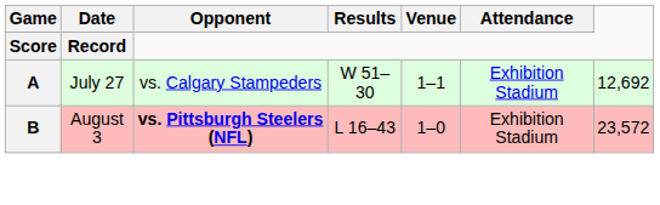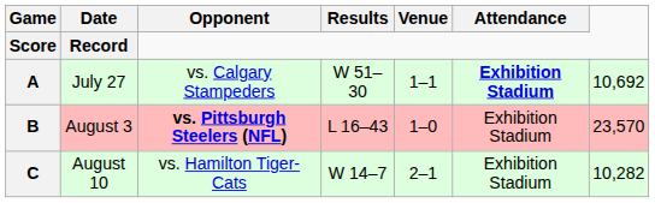 <table class="wikitable" style="text-align:center">
 <tr>
 <th>Game</th>
 <th>Date</th>
 <th>Opponent</th>
 <th>Results</th>
 <th>Venue</th>
 <th>Attendance</th>
 </tr>
 <tr>
 <th>Score</th>
 <th>Record</th>
 </tr>
 <tr style="background:#ddffdd">
 <th>A</th>
 <td>July 27</td>
 <td>vs. <a href='#'>Calgary Stampeders</a></td>
 <td>W 51–30</td>
 <td>1–1</td>
-<td><a href='#'>Exhibition Stadium</a></td>
-<td>12,692</td>
+<td><strong><a href='#'>Exhibition Stadium</a></strong></td>
+<td>10,692</td>
 </tr>
 <tr style="background:#ffbbbb">
 <th>B</th>
 <td>August 3</td>
 <td><strong>vs. <a href='#'>Pittsburgh Steelers</a> (<a href='#'>NFL</a>)</strong></td>
 <td>L 16–43</td>
 <td>1–0</td>
 <td>Exhibition Stadium</td>
-<td>23,572</td>
+<td>23,570</td>
+</tr>
+<tr style="background:#ddffdd">
+<th>C</th>
+<td>August 10</td>
+<td>vs. <a href='#'>Hamilton Tiger-Cats</a></td>
+<td>W 14–7</td>
+<td>2–1</td>
+<td>Exhibition Stadium</td>
+<td>10,282</td>
 </tr>
 </table>
